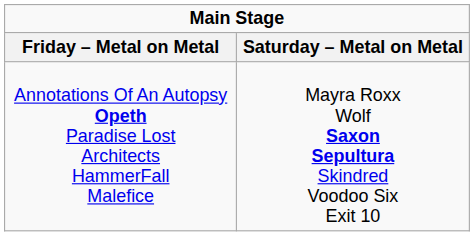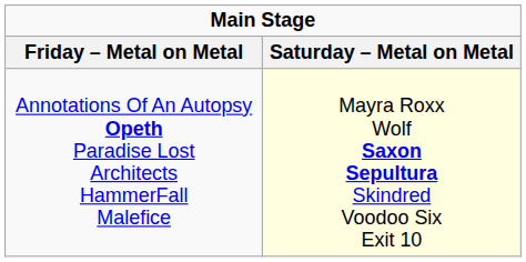 <table class="wikitable">
 <tr>
 <td colspan="3" align="center"><strong>Main Stage</strong></td>
 </tr>
 <tr>
 <th>Friday – Metal on Metal</th>
 <th>Saturday – Metal on Metal</th>
 </tr>
 <tr>
 <td valign="top" align="center" width=200><br><a href='#'>Annotations Of An Autopsy</a><br> <strong><a href='#'>Opeth</a></strong><br> <a href='#'>Paradise Lost</a><br> <a href='#'>Architects</a><br> <a href='#'>HammerFall</a><br> <a href='#'>Malefice</a></td>
-<td valign="top" align="center" width=200><br>Mayra Roxx<br> Wolf<br> <strong><a href='#'>Saxon</a></strong><br> <strong><a href='#'>Sepultura</a></strong><br> <a href='#'>Skindred</a><br> Voodoo Six<br> Exit 10</td>
+<td valign="top" align="center" width=200 style="background: lightyellow;"><br>Mayra Roxx<br> Wolf<br> <strong><a href='#'>Saxon</a></strong><br> <strong><a href='#'>Sepultura</a></strong><br> <a href='#'>Skindred</a><br> Voodoo Six<br> Exit 10</td>
 </tr>
 </table>
